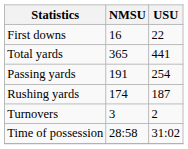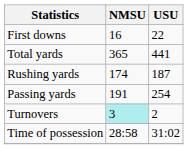 <table class="wikitable" style="float: left;">
 <tr>
 <th>Statistics</th>
 <th>NMSU</th>
 <th>USU</th>
 </tr>
 <tr>
 <td>First downs</td>
 <td>16</td>
 <td>22</td>
 </tr>
 <tr>
 <td>Total yards</td>
 <td>365</td>
 <td>441</td>
 </tr>
 <tr>
+<td>Rushing yards</td>
+<td>174</td>
+<td>187</td>
+</tr>
+<tr>
 <td>Passing yards</td>
 <td>191</td>
 <td>254</td>
 </tr>
 <tr>
-<td>Rushing yards</td>
-<td>174</td>
-<td>187</td>
-</tr>
-<tr>
 <td>Turnovers</td>
-<td>3</td>
+<td style="background: paleturquoise;">3</td>
 <td>2</td>
 </tr>
 <tr>
 <td>Time of possession</td>
 <td>28:58</td>
 <td>31:02</td>
 </tr>
 <tr>
 </tr>
 </table>
